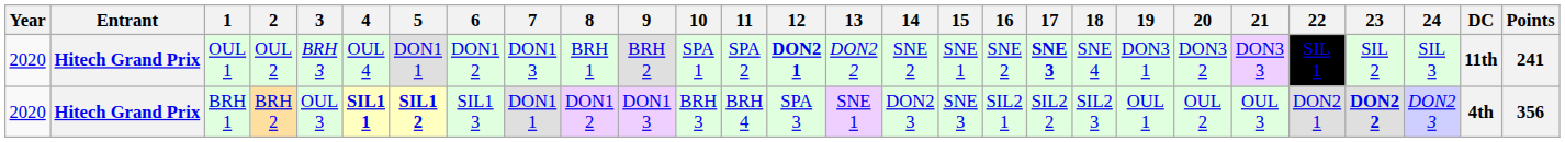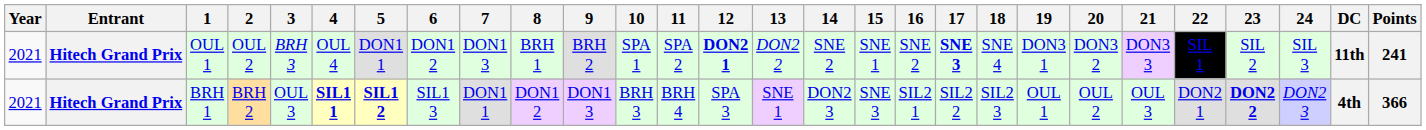 <table class="wikitable" style="text-align:center; font-size:85%">
 <tr>
 <th>Year</th>
 <th>Entrant</th>
 <th>1</th>
 <th>2</th>
 <th>3</th>
 <th>4</th>
 <th>5</th>
 <th>6</th>
 <th>7</th>
 <th>8</th>
 <th>9</th>
 <th>10</th>
 <th>11</th>
 <th>12</th>
 <th>13</th>
 <th>14</th>
 <th>15</th>
 <th>16</th>
 <th>17</th>
 <th>18</th>
 <th>19</th>
 <th>20</th>
 <th>21</th>
 <th>22</th>
 <th>23</th>
 <th>24</th>
 <th>DC</th>
 <th>Points</th>
 </tr>
 <tr>
-<td><a href='#'>2020</a></td>
+<td><a href='#'>2021</a></td>
 <th nowrap><a href='#'>Hitech Grand Prix</a></th>
 <td style="background:#DFFFDF;"><a href='#'>OUL<br>1</a><br></td>
 <td style="background:#DFFFDF;"><a href='#'>OUL<br>2</a><br></td>
 <td style="background:#DFFFDF;"><em><a href='#'>BRH<br>3</a></em><br></td>
 <td style="background:#DFFFDF;"><a href='#'>OUL<br>4</a><br></td>
 <td style="background:#DFDFDF;"><a href='#'>DON1<br>1</a><br></td>
 <td style="background:#DFFFDF;"><a href='#'>DON1<br>2</a><br></td>
 <td style="background:#DFFFDF;"><a href='#'>DON1<br>3</a><br></td>
 <td style="background:#DFFFDF;"><a href='#'>BRH<br>1</a><br></td>
 <td style="background:#DFDFDF;"><a href='#'>BRH<br>2</a><br></td>
 <td style="background:#DFFFDF;"><a href='#'>SPA<br>1</a><br></td>
 <td style="background:#DFFFDF;"><a href='#'>SPA<br>2</a><br></td>
 <td style="background:#DFFFDF;"><strong><a href='#'>DON2<br>1</a><br></strong></td>
 <td style="background:#DFFFDF;"><em><a href='#'>DON2<br>2</a></em><br></td>
 <td style="background:#DFFFDF;"><a href='#'>SNE<br>2</a><br></td>
 <td style="background:#DFFFDF;"><a href='#'>SNE<br>1</a><br></td>
 <td style="background:#DFFFDF;"><a href='#'>SNE<br>2</a><br></td>
 <td style="background:#DFFFDF;"><strong><a href='#'>SNE<br>3</a><br></strong></td>
 <td style="background:#DFFFDF;"><a href='#'>SNE<br>4</a><br></td>
 <td style="background:#DFFFDF;"><a href='#'>DON3<br>1</a><br></td>
 <td style="background:#DFFFDF;"><a href='#'>DON3<br>2</a><br></td>
 <td style="background:#EFCFFF;"><a href='#'>DON3<br>3</a><br></td>
 <td style="background:#000000;color:white"><a href='#'><span>SIL<br>1</span></a><br></td>
 <td style="background:#DFFFDF;"><a href='#'>SIL<br>2</a><br></td>
 <td style="background:#DFFFDF;"><a href='#'>SIL<br>3</a><br></td>
 <th>11th</th>
 <th>241</th>
 </tr>
 <tr>
-<td><a href='#'>2020</a></td>
+<td><a href='#'>2021</a></td>
 <th nowrap><a href='#'>Hitech Grand Prix</a></th>
 <td style="background:#DFFFDF;"><a href='#'>BRH<br>1</a><br></td>
 <td style="background:#FFDF9F;"><a href='#'>BRH<br>2</a><br></td>
 <td style="background:#DFFFDF;"><a href='#'>OUL<br>3</a><br></td>
 <td style="background:#FFFFBF;"><strong><a href='#'>SIL1<br>1</a></strong><br></td>
 <td style="background:#FFFFBF;"><strong><a href='#'>SIL1<br>2</a></strong><br></td>
 <td style="background:#DFFFDF;"><a href='#'>SIL1<br>3</a><br></td>
 <td style="background:#DFDFDF;"><a href='#'>DON1<br>1</a><br></td>
 <td style="background:#EFCFFF;"><a href='#'>DON1<br>2</a><br></td>
 <td style="background:#EFCFFF;"><a href='#'>DON1<br>3</a><br></td>
 <td style="background:#DFFFDF;"><a href='#'>BRH<br>3</a><br></td>
 <td style="background:#DFFFDF;"><a href='#'>BRH<br>4</a><br></td>
 <td style="background:#DFFFDF;"><a href='#'>SPA<br>3</a><br></td>
 <td style="background:#EFCFFF;"><a href='#'>SNE<br>1</a><br></td>
 <td style="background:#DFFFDF;"><a href='#'>DON2<br>3</a><br></td>
 <td style="background:#DFFFDF;"><a href='#'>SNE<br>3</a><br></td>
 <td style="background:#DFFFDF;"><a href='#'>SIL2<br>1</a><br></td>
 <td style="background:#DFFFDF;"><a href='#'>SIL2<br>2</a><br></td>
 <td style="background:#DFFFDF;"><a href='#'>SIL2<br>3</a><br></td>
 <td style="background:#DFFFDF;"><a href='#'>OUL<br>1</a><br></td>
 <td style="background:#DFFFDF;"><a href='#'>OUL<br>2</a><br></td>
 <td style="background:#DFFFDF;"><a href='#'>OUL<br>3</a><br></td>
 <td style="background:#DFDFDF;"><a href='#'>DON2<br>1</a><br></td>
 <td style="background:#DFDFDF;"><strong><a href='#'>DON2<br>2</a></strong><br></td>
 <td style="background:#CFCFFF;"><em><a href='#'>DON2<br>3</a></em><br></td>
 <th>4th</th>
-<th>356</th>
+<th>366</th>
 </tr>
 </table>
